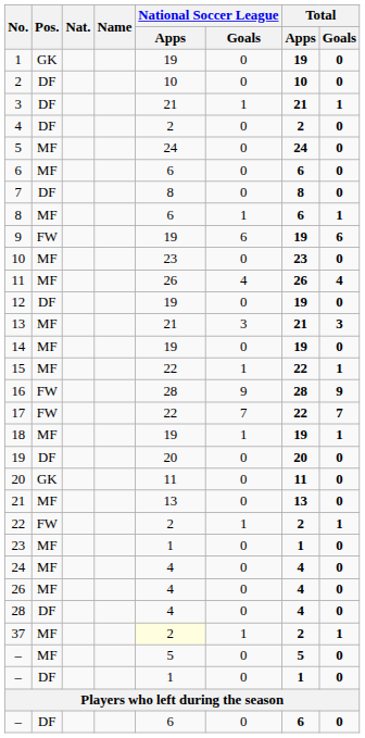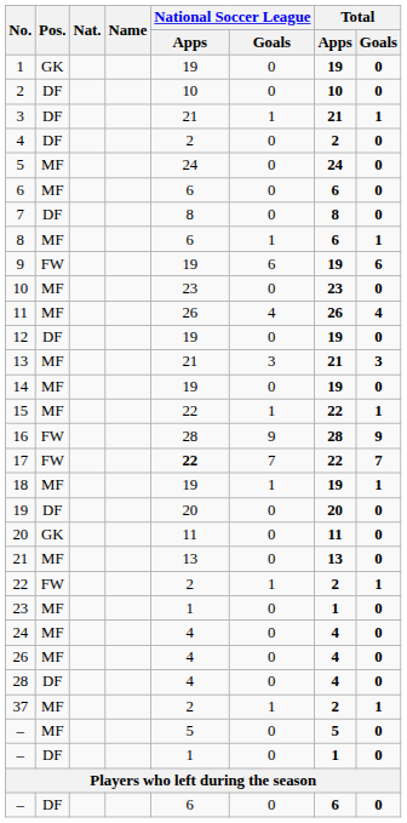 <table class="wikitable sortable" style="text-align:center">
 <tr>
 <th rowspan="2">No.</th>
 <th rowspan="2">Pos.</th>
 <th rowspan="2">Nat.</th>
 <th rowspan="2">Name</th>
 <th colspan="2"><a href='#'>National Soccer League</a></th>
 <th colspan="2">Total</th>
 </tr>
 <tr>
 <th>Apps</th>
 <th>Goals</th>
 <th>Apps</th>
 <th>Goals</th>
 </tr>
 <tr>
 <td>1</td>
 <td>GK</td>
 <td></td>
 <td align=left></td>
 <td>19</td>
 <td>0</td>
 <td><strong>19</strong></td>
 <td><strong>0</strong></td>
 </tr>
 <tr>
 <td>2</td>
 <td>DF</td>
 <td></td>
 <td align=left></td>
 <td>10</td>
 <td>0</td>
 <td><strong>10</strong></td>
 <td><strong>0</strong></td>
 </tr>
 <tr>
 <td>3</td>
 <td>DF</td>
 <td></td>
 <td align=left></td>
 <td>21</td>
 <td>1</td>
 <td><strong>21</strong></td>
 <td><strong>1</strong></td>
 </tr>
 <tr>
 <td>4</td>
 <td>DF</td>
 <td></td>
 <td align=left></td>
 <td>2</td>
 <td>0</td>
 <td><strong>2</strong></td>
 <td><strong>0</strong></td>
 </tr>
 <tr>
 <td>5</td>
 <td>MF</td>
 <td></td>
 <td align=left></td>
 <td>24</td>
 <td>0</td>
 <td><strong>24</strong></td>
 <td><strong>0</strong></td>
 </tr>
 <tr>
 <td>6</td>
 <td>MF</td>
 <td></td>
 <td align=left></td>
 <td>6</td>
 <td>0</td>
 <td><strong>6</strong></td>
 <td><strong>0</strong></td>
 </tr>
 <tr>
 <td>7</td>
 <td>DF</td>
 <td></td>
 <td align=left></td>
 <td>8</td>
 <td>0</td>
 <td><strong>8</strong></td>
 <td><strong>0</strong></td>
 </tr>
 <tr>
 <td>8</td>
 <td>MF</td>
 <td></td>
 <td align=left></td>
 <td>6</td>
 <td>1</td>
 <td><strong>6</strong></td>
 <td><strong>1</strong></td>
 </tr>
 <tr>
 <td>9</td>
 <td>FW</td>
 <td></td>
 <td align=left></td>
 <td>19</td>
 <td>6</td>
 <td><strong>19</strong></td>
 <td><strong>6</strong></td>
 </tr>
 <tr>
 <td>10</td>
 <td>MF</td>
 <td></td>
 <td align=left></td>
 <td>23</td>
 <td>0</td>
 <td><strong>23</strong></td>
 <td><strong>0</strong></td>
 </tr>
 <tr>
 <td>11</td>
 <td>MF</td>
 <td></td>
 <td align=left></td>
 <td>26</td>
 <td>4</td>
 <td><strong>26</strong></td>
 <td><strong>4</strong></td>
 </tr>
 <tr>
 <td>12</td>
 <td>DF</td>
 <td></td>
 <td align=left></td>
 <td>19</td>
 <td>0</td>
 <td><strong>19</strong></td>
 <td><strong>0</strong></td>
 </tr>
 <tr>
 <td>13</td>
 <td>MF</td>
 <td></td>
 <td align=left></td>
 <td>21</td>
 <td>3</td>
 <td><strong>21</strong></td>
 <td><strong>3</strong></td>
 </tr>
 <tr>
 <td>14</td>
 <td>MF</td>
 <td></td>
 <td align=left></td>
 <td>19</td>
 <td>0</td>
 <td><strong>19</strong></td>
 <td><strong>0</strong></td>
 </tr>
 <tr>
 <td>15</td>
 <td>MF</td>
 <td></td>
 <td align=left></td>
 <td>22</td>
 <td>1</td>
 <td><strong>22</strong></td>
 <td><strong>1</strong></td>
 </tr>
 <tr>
 <td>16</td>
 <td>FW</td>
 <td></td>
 <td align=left></td>
 <td>28</td>
 <td>9</td>
 <td><strong>28</strong></td>
 <td><strong>9</strong></td>
 </tr>
 <tr>
 <td>17</td>
 <td>FW</td>
 <td></td>
 <td align=left></td>
-<td>22</td>
+<td><strong>22</strong></td>
 <td>7</td>
 <td><strong>22</strong></td>
 <td><strong>7</strong></td>
 </tr>
 <tr>
 <td>18</td>
 <td>MF</td>
 <td></td>
 <td align=left></td>
 <td>19</td>
 <td>1</td>
 <td><strong>19</strong></td>
 <td><strong>1</strong></td>
 </tr>
 <tr>
 <td>19</td>
 <td>DF</td>
 <td></td>
 <td align=left></td>
 <td>20</td>
 <td>0</td>
 <td><strong>20</strong></td>
 <td><strong>0</strong></td>
 </tr>
 <tr>
 <td>20</td>
 <td>GK</td>
 <td></td>
 <td align=left></td>
 <td>11</td>
 <td>0</td>
 <td><strong>11</strong></td>
 <td><strong>0</strong></td>
 </tr>
 <tr>
 <td>21</td>
 <td>MF</td>
 <td></td>
 <td align=left></td>
 <td>13</td>
 <td>0</td>
 <td><strong>13</strong></td>
 <td><strong>0</strong></td>
 </tr>
 <tr>
 <td>22</td>
 <td>FW</td>
 <td></td>
 <td align=left></td>
 <td>2</td>
 <td>1</td>
 <td><strong>2</strong></td>
 <td><strong>1</strong></td>
 </tr>
 <tr>
 <td>23</td>
 <td>MF</td>
 <td></td>
 <td align=left></td>
 <td>1</td>
 <td>0</td>
 <td><strong>1</strong></td>
 <td><strong>0</strong></td>
 </tr>
 <tr>
 <td>24</td>
 <td>MF</td>
 <td></td>
 <td align=left></td>
 <td>4</td>
 <td>0</td>
 <td><strong>4</strong></td>
 <td><strong>0</strong></td>
 </tr>
 <tr>
 <td>26</td>
 <td>MF</td>
 <td></td>
 <td align=left></td>
 <td>4</td>
 <td>0</td>
 <td><strong>4</strong></td>
 <td><strong>0</strong></td>
 </tr>
 <tr>
 <td>28</td>
 <td>DF</td>
 <td></td>
 <td align=left></td>
 <td>4</td>
 <td>0</td>
 <td><strong>4</strong></td>
 <td><strong>0</strong></td>
 </tr>
 <tr>
 <td>37</td>
 <td>MF</td>
 <td></td>
 <td align=left></td>
-<td style="background: lightyellow;">2</td>
+<td>2</td>
 <td>1</td>
 <td><strong>2</strong></td>
 <td><strong>1</strong></td>
 </tr>
 <tr>
 <td>–</td>
 <td>MF</td>
 <td></td>
 <td align=left></td>
 <td>5</td>
 <td>0</td>
 <td><strong>5</strong></td>
 <td><strong>0</strong></td>
 </tr>
 <tr>
 <td>–</td>
 <td>DF</td>
 <td></td>
 <td align=left></td>
 <td>1</td>
 <td>0</td>
 <td><strong>1</strong></td>
 <td><strong>0</strong></td>
 </tr>
 <tr>
 <th colspan="17">Players who left during the season</th>
 </tr>
 <tr>
 <td>–</td>
 <td>DF</td>
 <td></td>
 <td align=left></td>
 <td>6</td>
 <td>0</td>
 <td><strong>6</strong></td>
 <td><strong>0</strong></td>
 </tr>
 </table>
